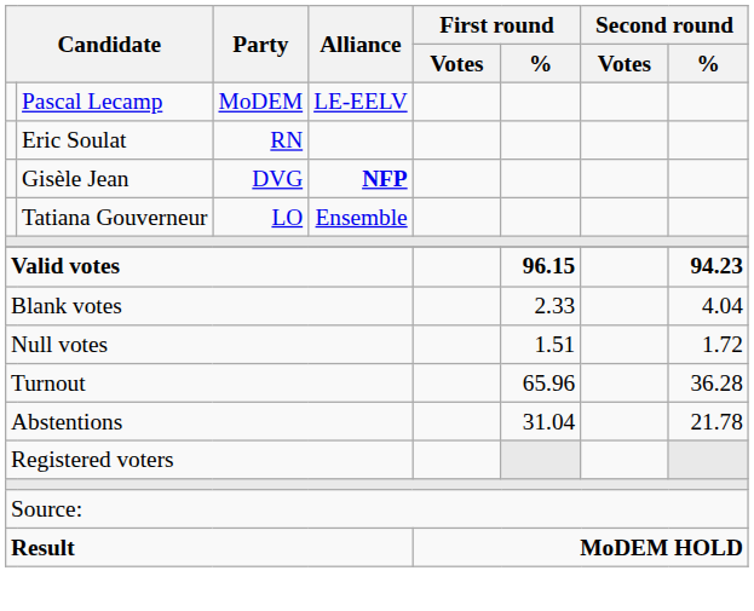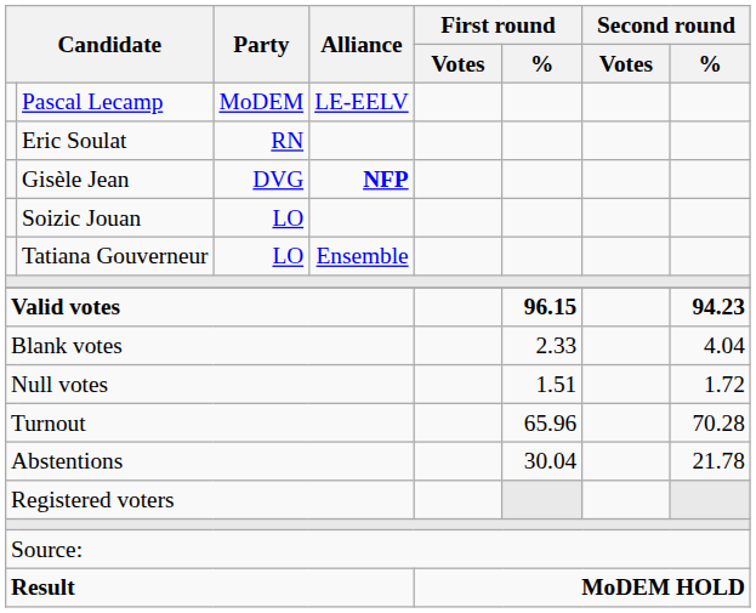 <table class="wikitable" style="text-align:right;font-size:95%;">
 <tr>
 <th colspan="2" rowspan="2">Candidate</th>
 <th colspan="1" rowspan="2">Party</th>
 <th colspan="1" rowspan="2">Alliance</th>
 <th colspan="2">First round</th>
 <th colspan="2">Second round</th>
 </tr>
 <tr>
 <th style="width:50px;">Votes</th>
 <th style="width:45px;">%</th>
 <th style="width:50px;">Votes</th>
 <th style="width:45px;">%</th>
 </tr>
 <tr>
 <td style="color:inherit;background:"></td>
 <td style="text-align:left;"><a href='#'>Pascal Lecamp</a></td>
 <td><a href='#'>MoDEM</a></td>
 <td><a href='#'>LE-EELV</a></td>
 <td></td>
 <td></td>
 <td><strong></strong></td>
 <td><strong></strong></td>
 </tr>
 <tr>
 <td style="color:inherit;background:"></td>
 <td style="text-align:left;">Eric Soulat</td>
 <td><a href='#'>RN</a></td>
 <td></td>
 <td></td>
 <td></td>
 <td></td>
 <td></td>
 </tr>
 <tr>
 <td style="color:inherit;background:"></td>
 <td style="text-align:left;">Gisèle Jean</td>
 <td><a href='#'>DVG</a></td>
 <td><strong><a href='#'>NFP</a></strong></td>
 <td></td>
 <td></td>
 <td></td>
 <td></td>
 </tr>
 <tr>
 <td style="color:inherit;background:"></td>
+<td style="text-align:left;">Soizic Jouan</td>
+<td><a href='#'>LO</a></td>
+<td></td>
+<td></td>
+<td></td>
+<td></td>
+<td></td>
+</tr>
+<tr>
+<td style="color:inherit;background:"></td>
 <td style="text-align:left;">Tatiana Gouverneur</td>
 <td><a href='#'>LO</a></td>
 <td><a href='#'>Ensemble</a></td>
 <td></td>
 <td></td>
 <td></td>
 <td></td>
 </tr>
 <tr>
 <td colspan="8" style="background:#E9E9E9;"></td>
 </tr>
 <tr>
 </tr>
 <tr style="font-weight:bold;">
 <td colspan="4" style="text-align:left;">Valid votes</td>
 <td></td>
 <td>96.15</td>
 <td></td>
 <td>94.23</td>
 </tr>
 <tr>
 <td colspan="4" style="text-align:left;">Blank votes</td>
 <td></td>
 <td>2.33</td>
 <td></td>
 <td>4.04</td>
 </tr>
 <tr>
 <td colspan="4" style="text-align:left;">Null votes</td>
 <td></td>
 <td>1.51</td>
 <td></td>
 <td>1.72</td>
 </tr>
 <tr>
 <td colspan="4" style="text-align:left;">Turnout</td>
 <td></td>
 <td>65.96</td>
 <td></td>
-<td>36.28</td>
+<td>70.28</td>
 </tr>
 <tr>
 <td colspan="4" style="text-align:left;">Abstentions</td>
 <td></td>
-<td>31.04</td>
+<td>30.04</td>
 <td></td>
 <td>21.78</td>
 </tr>
 <tr>
 <td colspan="4" style="text-align:left;">Registered voters</td>
 <td></td>
 <td style="background:#E9E9E9;"></td>
 <td></td>
 <td style="background:#E9E9E9;"></td>
 </tr>
 <tr>
 <td colspan="8" style="background:#E9E9E9;"></td>
 </tr>
 <tr>
 <td colspan="8" style="text-align:left;">Source: </td>
 </tr>
 <tr style="font-weight:bold">
 <td colspan="4" style="text-align:left;">Result</td>
 <td colspan="4" style="background-color:">MoDEM HOLD</td>
 </tr>
 </table>
